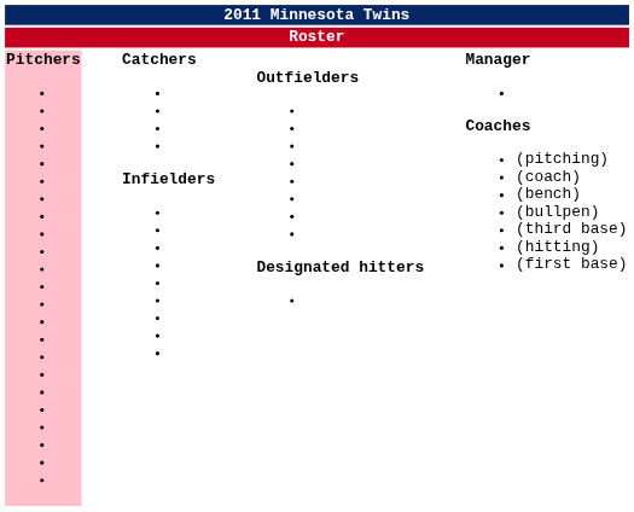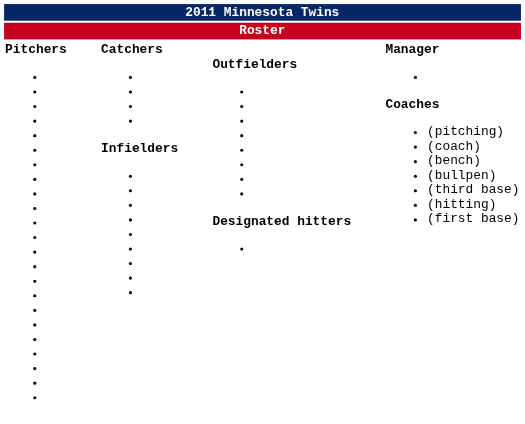 <table class="toccolours" style="font-size: 95%;">
 <tr>
 <th colspan="10" style="background:#072764; color:#fff; text-align:center;">2011 Minnesota Twins</th>
 </tr>
 <tr>
 <td colspan="10" style="background:#c6011f; color:white; text-align:center;"><strong>Roster</strong></td>
 </tr>
 <tr>
-<td valign="top" style="background: pink;"><strong>Pitchers</strong><br><ul><li></li><li></li><li></li><li></li><li></li><li></li><li></li><li></li><li></li><li></li><li></li><li></li><li></li><li></li><li></li><li></li><li></li><li></li><li></li><li></li><li></li><li></li><li></li></ul></td>
+<td valign="top"><strong>Pitchers</strong><br><ul><li></li><li></li><li></li><li></li><li></li><li></li><li></li><li></li><li></li><li></li><li></li><li></li><li></li><li></li><li></li><li></li><li></li><li></li><li></li><li></li><li></li><li></li><li></li></ul></td>
 <td style="width:25px;"></td>
 <td valign="top"><strong>Catchers</strong><br><ul><li></li><li></li><li></li><li></li></ul><strong>Infielders</strong><ul><li></li><li></li><li></li><li></li><li></li><li></li><li></li><li></li><li></li></ul></td>
 <td style="width:25px;"></td>
 <td valign="top"><br><strong>Outfielders</strong><ul><li></li><li></li><li></li><li></li><li></li><li></li><li></li><li></li></ul><strong>Designated hitters</strong><ul><li></li></ul></td>
 <td style="width:25px;"></td>
 <td valign="top"><strong>Manager</strong><br><ul><li></li></ul><strong>Coaches</strong><ul><li> (pitching)</li><li> (coach)</li><li> (bench)</li><li> (bullpen)</li><li> (third base)</li><li> (hitting)</li><li> (first base)</li></ul></td>
 </tr>
 </table>
